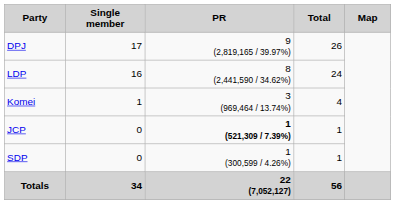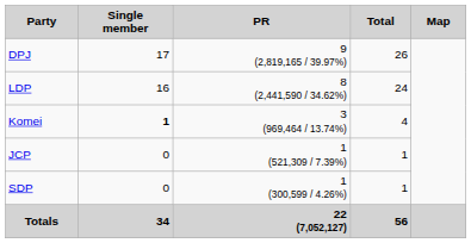 <table border="2" cellpadding="4" cellspacing="0" style="width:100%; margin:1em 1em 1em 0; background:#f9f9f9; border:1px #aaa solid; border-collapse:collapse;">
 <tr style="background:lightgrey;">
 <th>Party</th>
 <th>Single<br>member</th>
 <th>PR</th>
 <th>Total</th>
 <th>Map</th>
 </tr>
 <tr>
 <td><a href='#'>DPJ</a></td>
 <td style="text-align:right;">17</td>
 <td style="text-align:right;">9<br><small>(2,819,165 / 39.97%)</small></td>
 <td style="text-align:right;">26</td>
 <td rowspan=5></td>
 </tr>
 <tr>
 <td><a href='#'>LDP</a></td>
 <td style="text-align:right;">16</td>
 <td style="text-align:right;">8<br><small>(2,441,590 / 34.62%)</small></td>
 <td style="text-align:right;">24</td>
 </tr>
 <tr>
 <td><a href='#'>Komei</a></td>
-<td style="text-align:right;">1</td>
+<td style="text-align:right;"><strong>1</strong></td>
 <td style="text-align:right;">3<br><small>(969,464	/ 13.74%)</small></td>
 <td style="text-align:right;">4</td>
 </tr>
 <tr>
 <td><a href='#'>JCP</a></td>
 <td style="text-align:right;">0</td>
-<td style="text-align:right;"><strong>1<br><small>(521,309	/ 7.39%)</small></strong></td>
+<td style="text-align:right;">1<br><small>(521,309	/ 7.39%)</small></td>
 <td style="text-align:right;">1</td>
 </tr>
 <tr>
 <td><a href='#'>SDP</a></td>
 <td style="text-align:right;">0</td>
 <td style="text-align:right;">1<br><small>(300,599	/ 4.26%)</small></td>
 <td style="text-align:right;">1</td>
 </tr>
 <tr style="background:lightgrey;">
 <th><strong>Totals</strong></th>
 <th style="text-align:right;">34</th>
 <th style="text-align:right;">22<br><small>(7,052,127)</small></th>
 <th style="text-align:right;">56</th>
 <th></th>
 </tr>
 </table>
